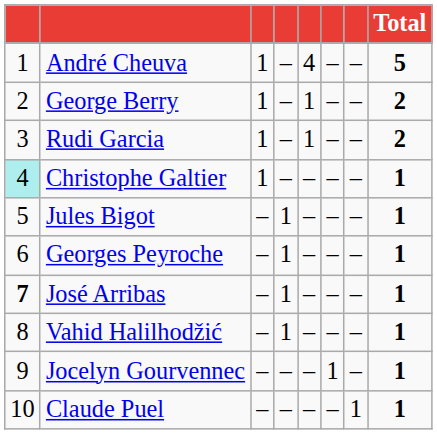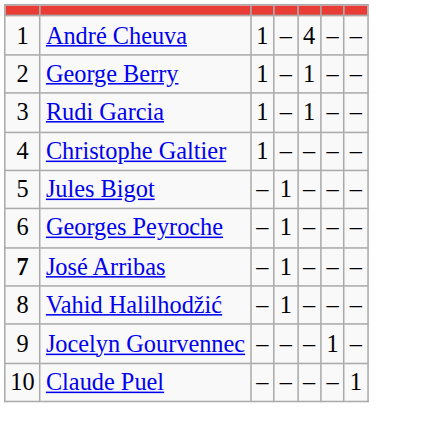 <table class="wikitable" style=":center">
 <tr>
 <th style="background:#E83C34; color:#FFFFFF; "></th>
 <th style="background:#E83C34; color:#FFFFFF; "></th>
 <th style="background:#E83C34; color:#FFFFFF; "></th>
 <th style="background:#E83C34; color:#FFFFFF; "></th>
 <th style="background:#E83C34; color:#FFFFFF; "></th>
 <th style="background:#E83C34; color:#FFFFFF; "></th>
 <th style="background:#E83C34; color:#FFFFFF; "></th>
-<th style="background:#E83C34; color:#FFFFFF; ">Total</th>
 </tr>
 <tr>
 <td align=center>1</td>
 <td> <a href='#'>André Cheuva</a></td>
 <td align=center>1</td>
 <td align=center>–</td>
 <td align=center>4</td>
 <td align="center">–</td>
 <td align=center>–</td>
-<td align=center><strong>5</strong></td>
 </tr>
 <tr>
 <td align=center>2</td>
 <td> <a href='#'>George Berry</a></td>
 <td align=center>1</td>
 <td align=center>–</td>
 <td align=center>1</td>
 <td align="center">–</td>
 <td align=center>–</td>
-<td align=center><strong>2</strong></td>
 </tr>
 <tr>
 <td align=center>3</td>
 <td> <a href='#'>Rudi Garcia</a></td>
 <td align=center>1</td>
 <td align=center>–</td>
 <td align=center>1</td>
 <td align="center">–</td>
 <td align=center>–</td>
-<td align=center><strong>2</strong></td>
 </tr>
 <tr>
-<td align=center style="background: paleturquoise;">4</td>
+<td align=center>4</td>
 <td> <a href='#'>Christophe Galtier</a></td>
 <td align=center>1</td>
 <td align=center>–</td>
 <td align=center>–</td>
 <td align="center">–</td>
 <td align=center>–</td>
-<td align=center><strong>1</strong></td>
 </tr>
 <tr>
 <td align=center>5</td>
 <td> <a href='#'>Jules Bigot</a></td>
 <td align=center>–</td>
 <td align=center>1</td>
 <td align=center>–</td>
 <td align="center">–</td>
 <td align=center>–</td>
-<td align=center><strong>1</strong></td>
 </tr>
 <tr>
 <td align=center>6</td>
 <td> <a href='#'>Georges Peyroche</a></td>
 <td align=center>–</td>
 <td align=center>1</td>
 <td align=center>–</td>
 <td align="center">–</td>
 <td align=center>–</td>
-<td align=center><strong>1</strong></td>
 </tr>
 <tr>
 <td align=center><strong>7</strong></td>
 <td> <a href='#'>José Arribas</a></td>
 <td align=center>–</td>
 <td align=center>1</td>
 <td align=center>–</td>
 <td align="center">–</td>
 <td align=center>–</td>
-<td align=center><strong>1</strong></td>
 </tr>
 <tr>
 <td align=center>8</td>
 <td> <a href='#'>Vahid Halilhodžić</a></td>
 <td align=center>–</td>
 <td align=center>1</td>
 <td align=center>–</td>
 <td align="center">–</td>
 <td align=center>–</td>
-<td align=center><strong>1</strong></td>
 </tr>
 <tr>
 <td align=center>9</td>
 <td> <a href='#'>Jocelyn Gourvennec</a></td>
 <td align=center>–</td>
 <td align=center>–</td>
 <td align=center>–</td>
 <td align="center">1</td>
 <td align=center>–</td>
-<td align=center><strong>1</strong></td>
 </tr>
 <tr>
 <td align=center>10</td>
 <td> <a href='#'>Claude Puel</a></td>
 <td align=center>–</td>
 <td align=center>–</td>
 <td align=center>–</td>
 <td align="center">–</td>
 <td align=center>1</td>
-<td align=center><strong>1</strong></td>
 </tr>
 </table>
